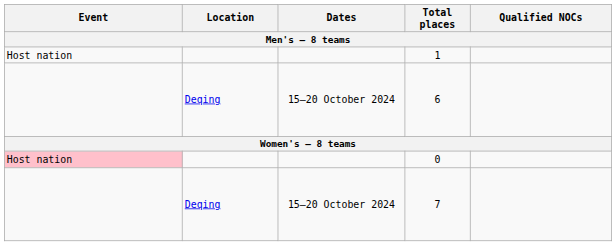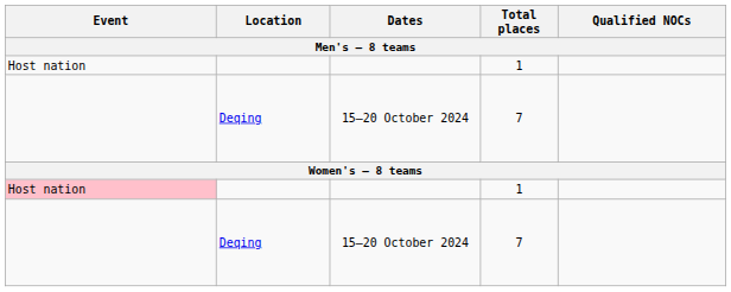 <table class="wikitable" width=800>
 <tr>
 <th>Event</th>
 <th width=120>Location</th>
 <th width=160>Dates</th>
 <th width=80>Total places</th>
 <th width=180>Qualified NOCs</th>
 </tr>
 <tr style="font-size:95%;">
 <th colspan=5>Men's – 8 teams</th>
 </tr>
 <tr>
 <td>Host nation</td>
 <td></td>
 <td></td>
 <td align="center">1</td>
 <td></td>
 </tr>
 <tr>
 <td></td>
 <td> <a href='#'>Deqing</a></td>
 <td align="center">15–20 October 2024</td>
-<td align="center">6</td>
+<td align="center">7</td>
 <td><br><br><br><br><br><br></td>
 </tr>
 <tr style="font-size:95%;">
 <th colspan=5>Women's – 8 teams</th>
 </tr>
 <tr>
 <td style="background: pink;">Host nation</td>
 <td></td>
 <td></td>
-<td align="center">0</td>
+<td align="center">1</td>
 <td></td>
 </tr>
 <tr>
 <td></td>
 <td> <a href='#'>Deqing</a></td>
 <td align="center">15–20 October 2024</td>
 <td align="center">7</td>
 <td><br><br><br><br><br><br></td>
 </tr>
 </table>
